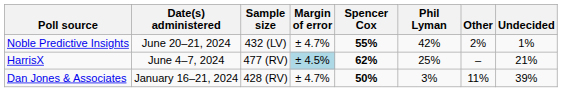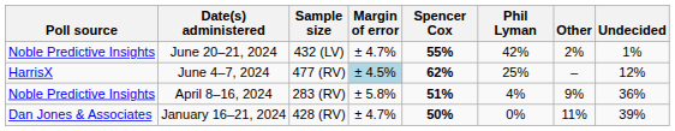 <table class="wikitable" style="font-size:90%;text-align:center;">
 <tr valign=bottom>
 <th>Poll source</th>
 <th>Date(s)<br>administered</th>
 <th>Sample<br>size</th>
 <th>Margin<br>of error</th>
 <th style="width:75px;">Spencer<br>Cox</th>
 <th style="width:75px;">Phil<br>Lyman</th>
 <th>Other</th>
 <th>Undecided</th>
 </tr>
 <tr>
 <td style="text-align:left"><a href='#'>Noble Predictive Insights</a></td>
 <td>June 20–21, 2024</td>
 <td>432 (LV)</td>
 <td>± 4.7%</td>
 <td><strong>55%</strong></td>
 <td>42%</td>
 <td>2%</td>
 <td>1%</td>
 </tr>
 <tr>
 <td style="text-align:left"><a href='#'>HarrisX</a></td>
 <td>June 4–7, 2024</td>
 <td>477 (RV)</td>
 <td style="background: lightblue;">± 4.5%</td>
 <td><strong>62%</strong></td>
 <td>25%</td>
 <td>–</td>
-<td>21%</td>
+<td>12%</td>
+</tr>
+<tr>
+<td style="text-align:left"><a href='#'>Noble Predictive Insights</a></td>
+<td>April 8–16, 2024</td>
+<td>283 (RV)</td>
+<td>± 5.8%</td>
+<td><strong>51%</strong></td>
+<td>4%</td>
+<td>9%</td>
+<td>36%</td>
 </tr>
 <tr>
 <td style="text-align:left"><a href='#'>Dan Jones & Associates</a></td>
 <td>January 16–21, 2024</td>
 <td>428 (RV)</td>
 <td>± 4.7%</td>
 <td><strong>50%</strong></td>
-<td>3%</td>
+<td>0%</td>
 <td>11%</td>
 <td>39%</td>
 </tr>
 </table>
